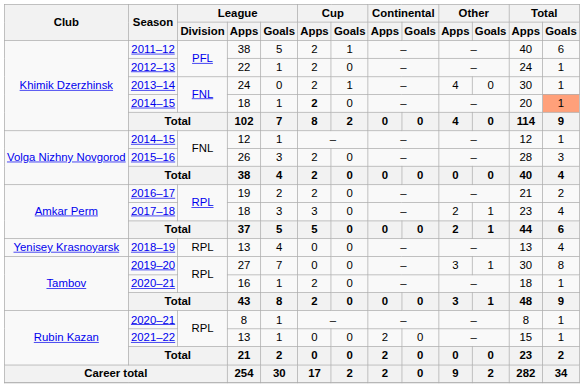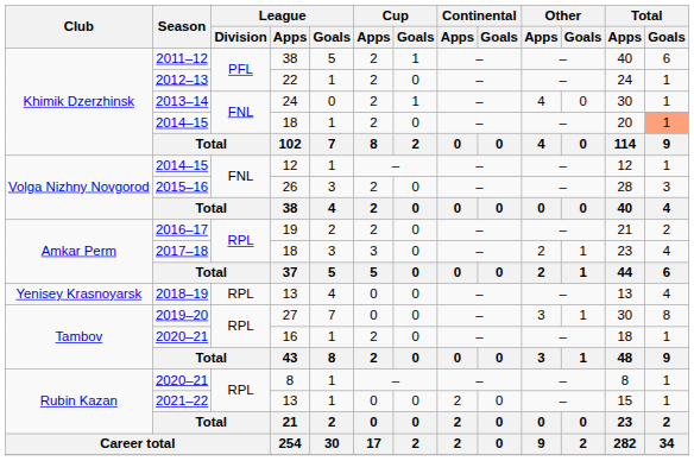 <table class="wikitable" style="text-align: center;">
 <tr>
 <th rowspan=2>Club</th>
 <th rowspan=2>Season</th>
 <th colspan=3>League</th>
 <th colspan=2>Cup</th>
 <th colspan=2>Continental</th>
 <th colspan=2>Other</th>
 <th colspan=2>Total</th>
 </tr>
 <tr>
 <th>Division</th>
 <th>Apps</th>
 <th>Goals</th>
 <th>Apps</th>
 <th>Goals</th>
 <th>Apps</th>
 <th>Goals</th>
 <th>Apps</th>
 <th>Goals</th>
 <th>Apps</th>
 <th>Goals</th>
 </tr>
 <tr>
 <td rowspan=5><a href='#'>Khimik Dzerzhinsk</a></td>
 <td><a href='#'>2011–12</a></td>
 <td rowspan=2><a href='#'>PFL</a></td>
 <td>38</td>
 <td>5</td>
 <td>2</td>
 <td>1</td>
 <td colspan=2>–</td>
 <td colspan=2>–</td>
 <td>40</td>
 <td>6</td>
 </tr>
 <tr>
 <td><a href='#'>2012–13</a></td>
 <td>22</td>
 <td>1</td>
 <td>2</td>
 <td>0</td>
 <td colspan=2>–</td>
 <td colspan=2>–</td>
 <td>24</td>
 <td>1</td>
 </tr>
 <tr>
 <td><a href='#'>2013–14</a></td>
 <td rowspan=2><a href='#'>FNL</a></td>
 <td>24</td>
 <td>0</td>
 <td>2</td>
 <td>1</td>
 <td colspan=2>–</td>
 <td>4</td>
 <td>0</td>
 <td>30</td>
 <td>1</td>
 </tr>
 <tr>
 <td><a href='#'>2014–15</a></td>
 <td>18</td>
 <td>1</td>
-<td><strong>2</strong></td>
+<td>2</td>
 <td>0</td>
 <td colspan=2>–</td>
 <td colspan=2>–</td>
 <td>20</td>
 <td style="background: lightsalmon;">1</td>
 </tr>
 <tr>
 <th colspan=2>Total</th>
 <th>102</th>
 <th>7</th>
 <th>8</th>
 <th>2</th>
 <th>0</th>
 <th>0</th>
 <th>4</th>
 <th>0</th>
 <th>114</th>
 <th>9</th>
 </tr>
 <tr>
 <td rowspan=3><a href='#'>Volga Nizhny Novgorod</a></td>
 <td><a href='#'>2014–15</a></td>
 <td rowspan=2>FNL</td>
 <td>12</td>
 <td>1</td>
 <td colspan=2>–</td>
 <td colspan=2>–</td>
 <td colspan=2>–</td>
 <td>12</td>
 <td>1</td>
 </tr>
 <tr>
 <td><a href='#'>2015–16</a></td>
 <td>26</td>
 <td>3</td>
 <td>2</td>
 <td>0</td>
 <td colspan=2>–</td>
 <td colspan=2>–</td>
 <td>28</td>
 <td>3</td>
 </tr>
 <tr>
 <th colspan=2>Total</th>
 <th>38</th>
 <th>4</th>
 <th>2</th>
 <th>0</th>
 <th>0</th>
 <th>0</th>
 <th>0</th>
 <th>0</th>
 <th>40</th>
 <th>4</th>
 </tr>
 <tr>
 <td rowspan=3><a href='#'>Amkar Perm</a></td>
 <td><a href='#'>2016–17</a></td>
 <td rowspan=2><a href='#'>RPL</a></td>
 <td>19</td>
 <td>2</td>
 <td>2</td>
 <td>0</td>
 <td colspan=2>–</td>
 <td colspan=2>–</td>
 <td>21</td>
 <td>2</td>
 </tr>
 <tr>
 <td><a href='#'>2017–18</a></td>
 <td>18</td>
 <td>3</td>
 <td>3</td>
 <td>0</td>
 <td colspan=2>–</td>
 <td>2</td>
 <td>1</td>
 <td>23</td>
 <td>4</td>
 </tr>
 <tr>
 <th colspan=2>Total</th>
 <th>37</th>
 <th>5</th>
 <th>5</th>
 <th>0</th>
 <th>0</th>
 <th>0</th>
 <th>2</th>
 <th>1</th>
 <th>44</th>
 <th>6</th>
 </tr>
 <tr>
 <td><a href='#'>Yenisey Krasnoyarsk</a></td>
 <td><a href='#'>2018–19</a></td>
 <td>RPL</td>
 <td>13</td>
 <td>4</td>
 <td>0</td>
 <td>0</td>
 <td colspan=2>–</td>
 <td colspan=2>–</td>
 <td>13</td>
 <td>4</td>
 </tr>
 <tr>
 <td rowspan="3"><a href='#'>Tambov</a></td>
 <td><a href='#'>2019–20</a></td>
 <td rowspan="2">RPL</td>
 <td>27</td>
 <td>7</td>
 <td>0</td>
 <td>0</td>
 <td colspan=2>–</td>
 <td>3</td>
 <td>1</td>
 <td>30</td>
 <td>8</td>
 </tr>
 <tr>
 <td><a href='#'>2020–21</a></td>
 <td>16</td>
 <td>1</td>
 <td>2</td>
 <td>0</td>
 <td colspan=2>–</td>
 <td colspan=2>–</td>
 <td>18</td>
 <td>1</td>
 </tr>
 <tr>
 <th colspan=2>Total</th>
 <th>43</th>
 <th>8</th>
 <th>2</th>
 <th>0</th>
 <th>0</th>
 <th>0</th>
 <th>3</th>
 <th>1</th>
 <th>48</th>
 <th>9</th>
 </tr>
 <tr>
 <td rowspan="3"><a href='#'>Rubin Kazan</a></td>
 <td><a href='#'>2020–21</a></td>
 <td rowspan="2">RPL</td>
 <td>8</td>
 <td>1</td>
 <td colspan=2>–</td>
 <td colspan=2>–</td>
 <td colspan=2>–</td>
 <td>8</td>
 <td>1</td>
 </tr>
 <tr>
 <td><a href='#'>2021–22</a></td>
 <td>13</td>
 <td>1</td>
 <td>0</td>
 <td>0</td>
 <td>2</td>
 <td>0</td>
 <td colspan=2>–</td>
 <td>15</td>
 <td>1</td>
 </tr>
 <tr>
 <th colspan=2>Total</th>
 <th>21</th>
 <th>2</th>
 <th>0</th>
 <th>0</th>
 <th>2</th>
 <th>0</th>
 <th>0</th>
 <th>0</th>
 <th>23</th>
 <th>2</th>
 </tr>
 <tr>
 <th colspan=3>Career total</th>
 <th>254</th>
 <th>30</th>
 <th>17</th>
 <th>2</th>
 <th>2</th>
 <th>0</th>
 <th>9</th>
 <th>2</th>
 <th>282</th>
 <th>34</th>
 </tr>
 <tr>
 </tr>
 </table>
